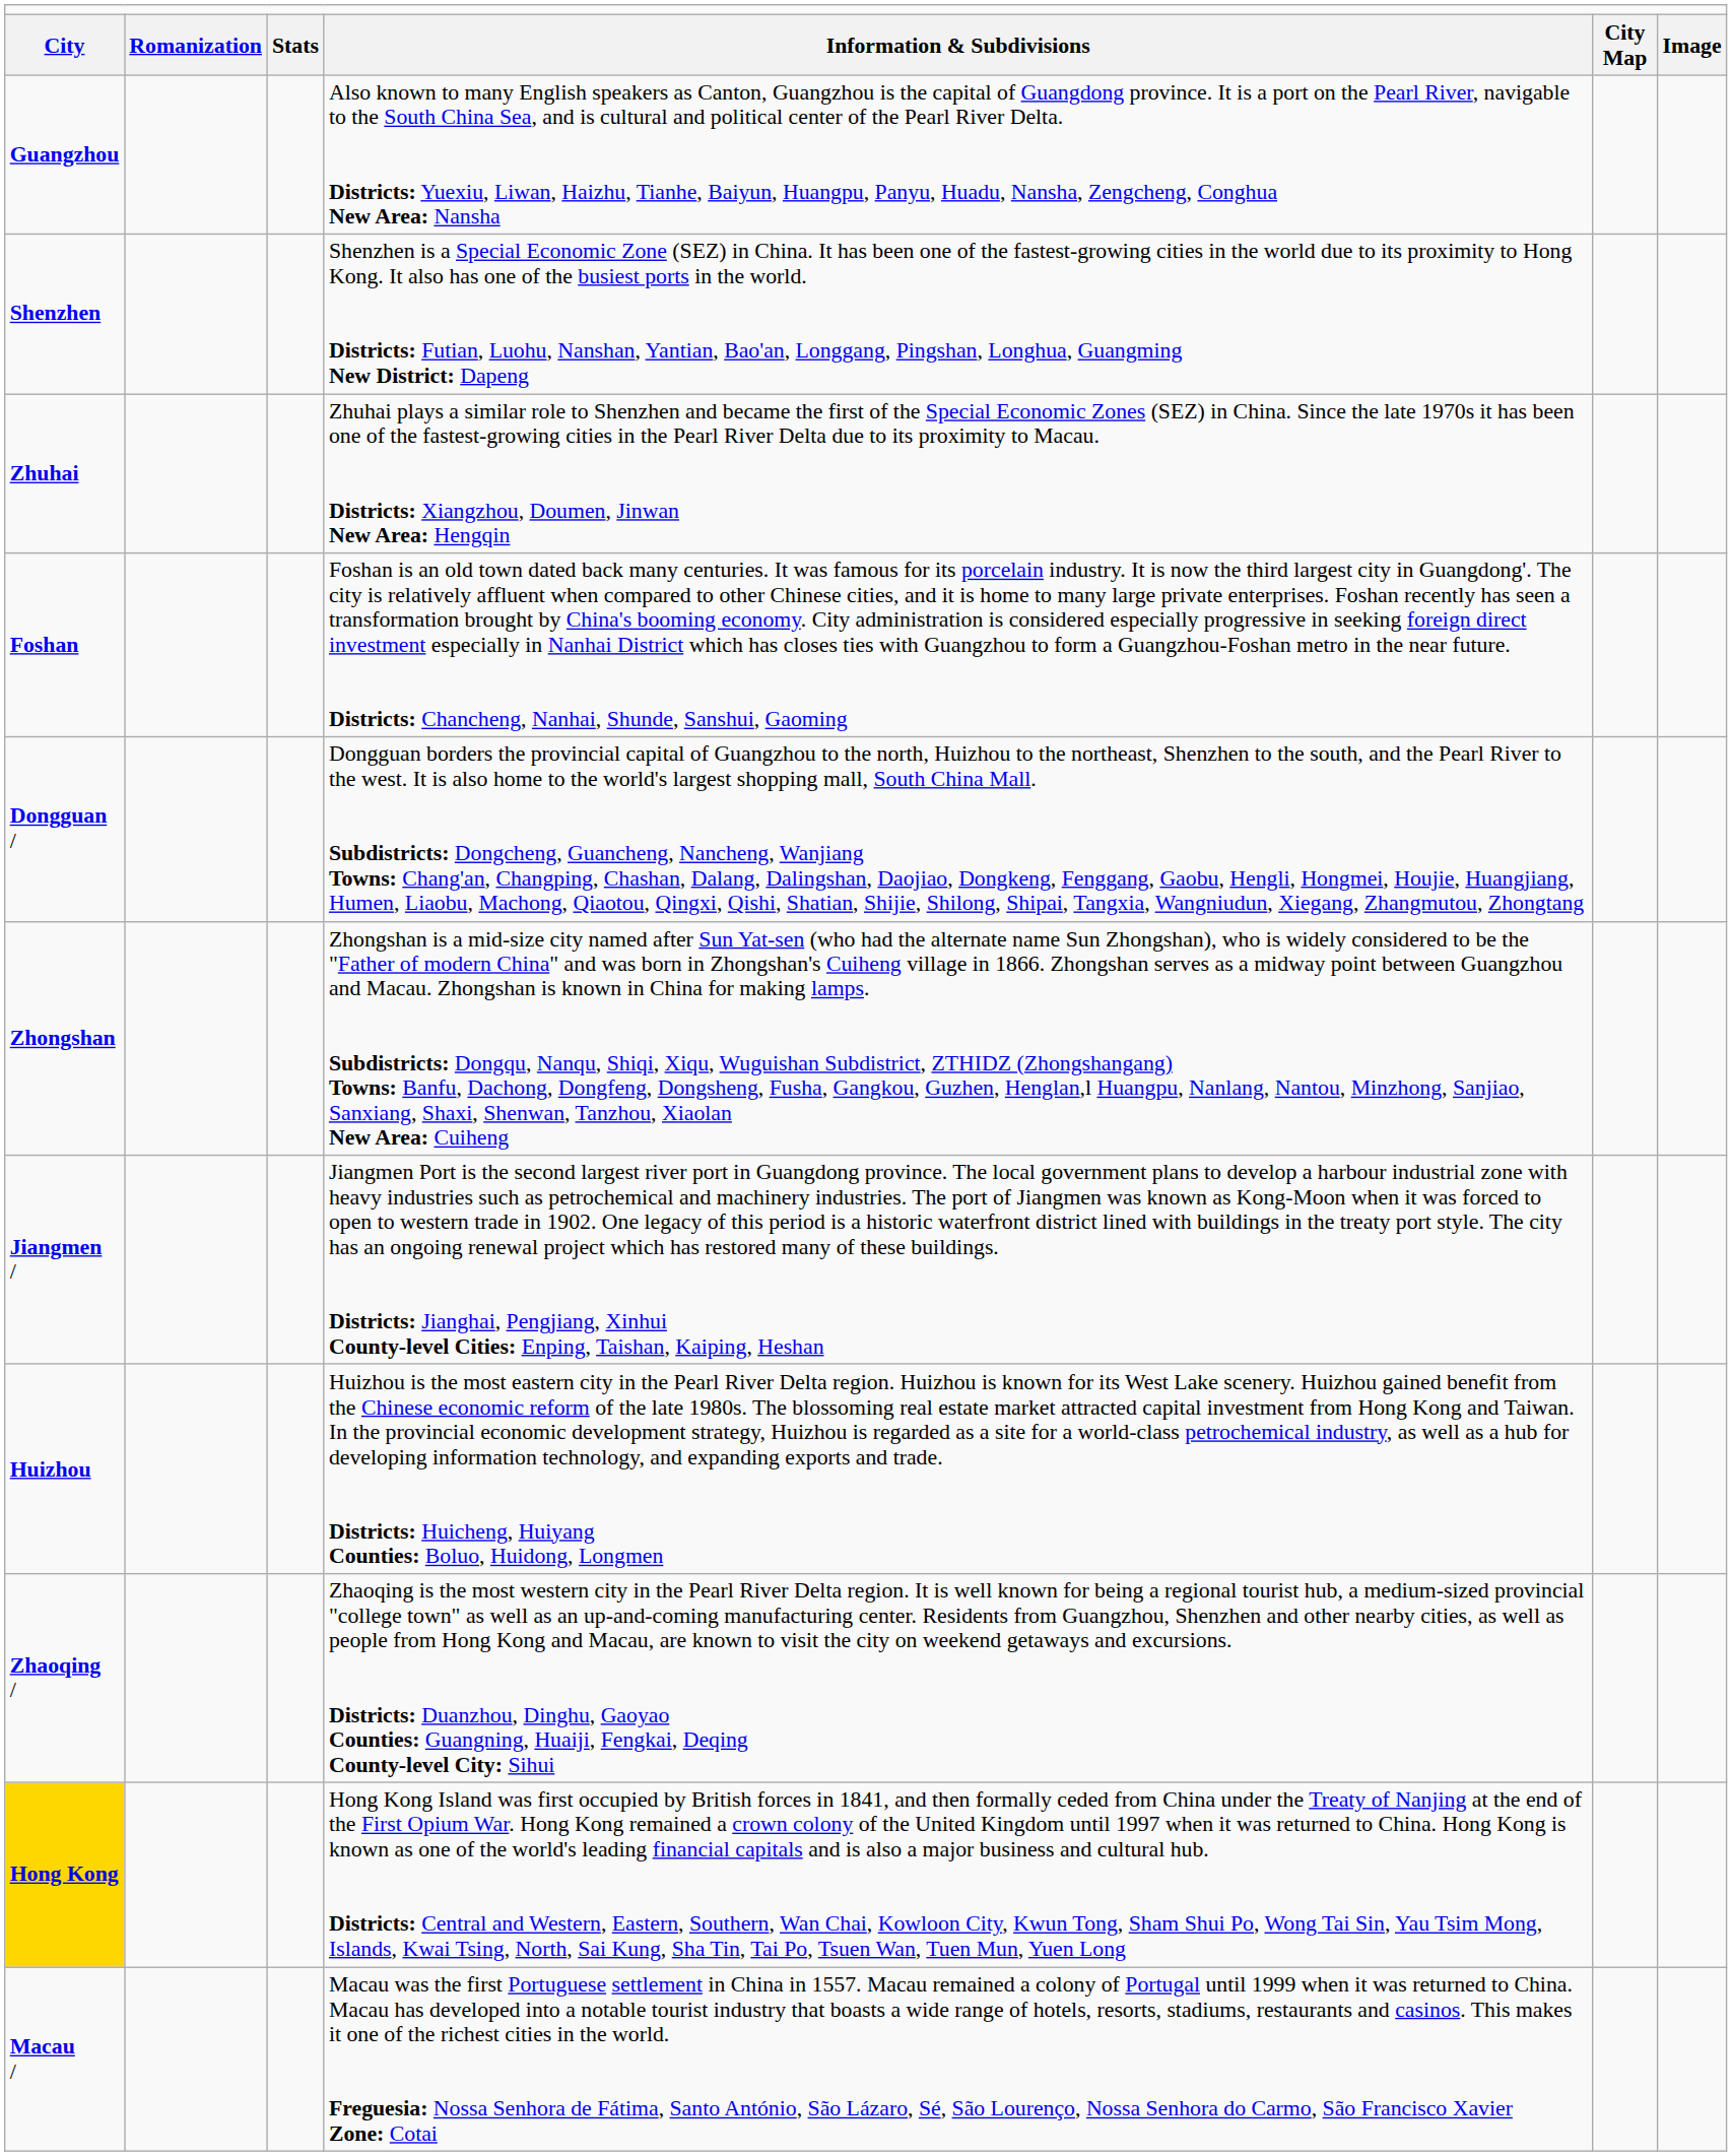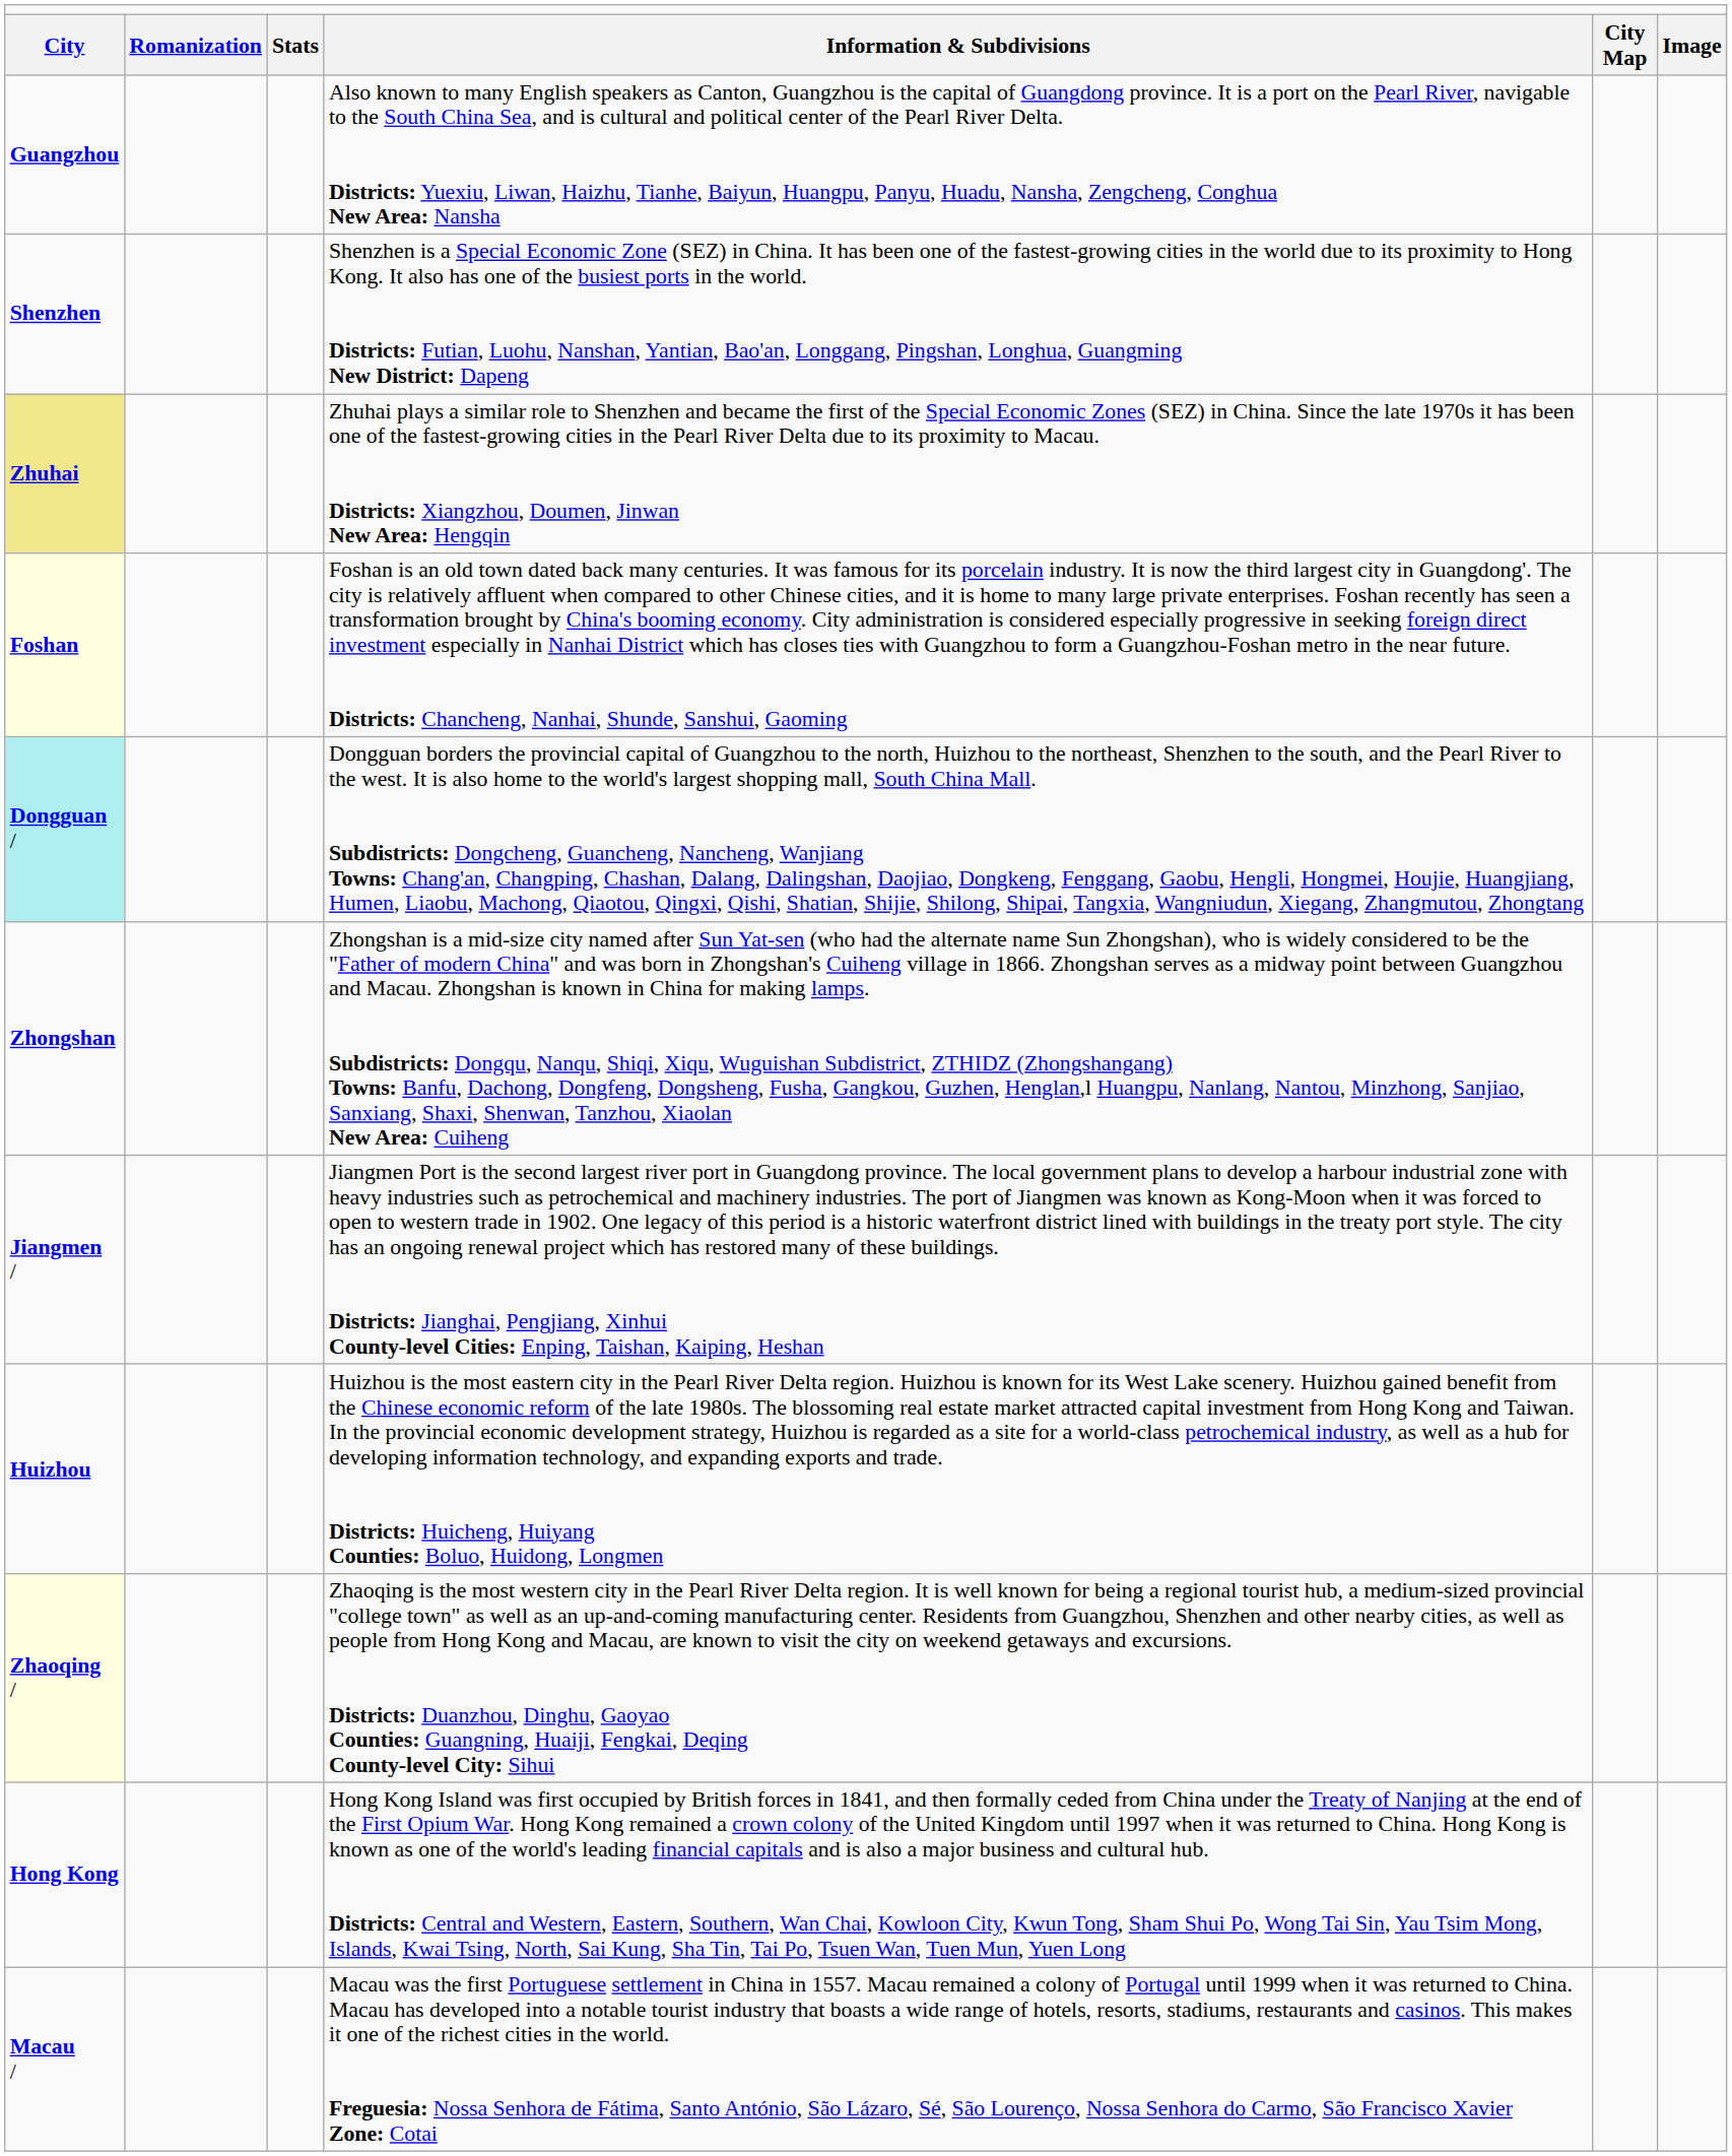 <table class="wikitable sortable sticky-header">
 <tr>
 <td colspan=9></td>
 </tr>
 <tr>
 <th><a href='#'>City</a></th>
 <th><a href='#'>Romanization</a></th>
 <th>Stats</th>
 <th>Information & Subdivisions</th>
 <th>City Map</th>
 <th>Image</th>
 </tr>
 <tr>
 <td><strong><a href='#'>Guangzhou</a></strong><br></td>
 <td></td>
 <td></td>
 <td>Also known to many English speakers as Canton, Guangzhou is the capital of <a href='#'>Guangdong</a> province. It is a port on the <a href='#'>Pearl River</a>, navigable to the <a href='#'>South China Sea</a>, and is cultural and political center of the Pearl River Delta.<br><br><br><strong>Districts:</strong> <a href='#'>Yuexiu</a>, <a href='#'>Liwan</a>, <a href='#'>Haizhu</a>, <a href='#'>Tianhe</a>, <a href='#'>Baiyun</a>, <a href='#'>Huangpu</a>, <a href='#'>Panyu</a>, <a href='#'>Huadu</a>, <a href='#'>Nansha</a>, <a href='#'>Zengcheng</a>, <a href='#'>Conghua</a><br><strong>New Area:</strong> <a href='#'>Nansha</a></td>
 <td></td>
 <td></td>
 </tr>
 <tr>
 <td><strong><a href='#'>Shenzhen</a></strong><br></td>
 <td></td>
 <td></td>
 <td>Shenzhen is a <a href='#'>Special Economic Zone</a> (SEZ) in China. It has been one of the fastest-growing cities in the world due to its proximity to Hong Kong. It also has one of the <a href='#'>busiest ports</a> in the world.<br><br><br><strong>Districts:</strong> <a href='#'>Futian</a>, <a href='#'>Luohu</a>, <a href='#'>Nanshan</a>, <a href='#'>Yantian</a>, <a href='#'>Bao'an</a>, <a href='#'>Longgang</a>, <a href='#'>Pingshan</a>, <a href='#'>Longhua</a>, <a href='#'>Guangming</a><br><strong>New District:</strong> <a href='#'>Dapeng</a></td>
 <td></td>
 <td></td>
 </tr>
 <tr>
-<td><strong><a href='#'>Zhuhai</a></strong><br></td>
+<td style="background: khaki;"><strong><a href='#'>Zhuhai</a></strong><br></td>
 <td></td>
 <td></td>
 <td>Zhuhai plays a similar role to Shenzhen and became the first of the <a href='#'>Special Economic Zones</a> (SEZ) in China. Since the late 1970s it has been one of the fastest-growing cities in the Pearl River Delta due to its proximity to Macau.<br><br><br><strong>Districts:</strong> <a href='#'>Xiangzhou</a>, <a href='#'>Doumen</a>, <a href='#'>Jinwan</a><br><strong>New Area:</strong> <a href='#'>Hengqin</a></td>
 <td></td>
 <td></td>
 </tr>
 <tr>
-<td><strong><a href='#'>Foshan</a></strong><br></td>
+<td style="background: lightyellow;"><strong><a href='#'>Foshan</a></strong><br></td>
 <td></td>
 <td></td>
 <td>Foshan is an old town dated back many centuries. It was famous for its <a href='#'>porcelain</a> industry. It is now the third largest city in Guangdong'. The city is relatively affluent when compared to other Chinese cities, and it is home to many large private enterprises. Foshan recently has seen a transformation brought by <a href='#'>China's booming economy</a>. City administration is considered especially progressive in seeking <a href='#'>foreign direct investment</a> especially in <a href='#'>Nanhai District</a> which has closes ties with Guangzhou to form a Guangzhou-Foshan metro in the near future.<br><br><br><strong>Districts:</strong> <a href='#'>Chancheng</a>, <a href='#'>Nanhai</a>, <a href='#'>Shunde</a>, <a href='#'>Sanshui</a>, <a href='#'>Gaoming</a></td>
 <td></td>
 <td></td>
 </tr>
 <tr>
-<td><strong><a href='#'>Dongguan</a></strong><br> / </td>
+<td style="background: paleturquoise;"><strong><a href='#'>Dongguan</a></strong><br> / </td>
 <td></td>
 <td></td>
 <td>Dongguan borders the provincial capital of Guangzhou to the north, Huizhou to the northeast, Shenzhen to the south, and the Pearl River to the west. It is also home to the world's largest shopping mall, <a href='#'>South China Mall</a>.<br><br><br><strong>Subdistricts:</strong> <a href='#'>Dongcheng</a>, <a href='#'>Guancheng</a>, <a href='#'>Nancheng</a>, <a href='#'>Wanjiang</a><br><strong>Towns:</strong> <a href='#'>Chang'an</a>, <a href='#'>Changping</a>, <a href='#'>Chashan</a>, <a href='#'>Dalang</a>, <a href='#'>Dalingshan</a>, <a href='#'>Daojiao</a>, <a href='#'>Dongkeng</a>, <a href='#'>Fenggang</a>, <a href='#'>Gaobu</a>, <a href='#'>Hengli</a>, <a href='#'>Hongmei</a>, <a href='#'>Houjie</a>, <a href='#'>Huangjiang</a>, <a href='#'>Humen</a>, <a href='#'>Liaobu</a>, <a href='#'>Machong</a>, <a href='#'>Qiaotou</a>, <a href='#'>Qingxi</a>, <a href='#'>Qishi</a>, <a href='#'>Shatian</a>, <a href='#'>Shijie</a>, <a href='#'>Shilong</a>, <a href='#'>Shipai</a>, <a href='#'>Tangxia</a>, <a href='#'>Wangniudun</a>, <a href='#'>Xiegang</a>, <a href='#'>Zhangmutou</a>, <a href='#'>Zhongtang</a></td>
 <td></td>
 <td></td>
 </tr>
 <tr>
 <td><strong><a href='#'>Zhongshan</a></strong><br></td>
 <td></td>
 <td></td>
 <td>Zhongshan is a mid-size city named after <a href='#'>Sun Yat-sen</a> (who had the alternate name Sun Zhongshan), who is widely considered to be the "<a href='#'>Father of modern China</a>" and was born in Zhongshan's <a href='#'>Cuiheng</a> village in 1866. Zhongshan serves as a midway point between Guangzhou and Macau. Zhongshan is known in China for making <a href='#'>lamps</a>.<br><br><br><strong>Subdistricts:</strong> <a href='#'>Dongqu</a>, <a href='#'>Nanqu</a>, <a href='#'>Shiqi</a>, <a href='#'>Xiqu</a>, <a href='#'>Wuguishan Subdistrict</a>, <a href='#'>ZTHIDZ (Zhongshangang)</a><br><strong>Towns:</strong> <a href='#'>Banfu</a>, <a href='#'>Dachong</a>, <a href='#'>Dongfeng</a>, <a href='#'>Dongsheng</a>, <a href='#'>Fusha</a>, <a href='#'>Gangkou</a>, <a href='#'>Guzhen</a>, <a href='#'>Henglan</a>,l <a href='#'>Huangpu</a>, <a href='#'>Nanlang</a>, <a href='#'>Nantou</a>, <a href='#'>Minzhong</a>, <a href='#'>Sanjiao</a>, <a href='#'>Sanxiang</a>, <a href='#'>Shaxi</a>, <a href='#'>Shenwan</a>, <a href='#'>Tanzhou</a>, <a href='#'>Xiaolan</a><br><strong>New Area:</strong> <a href='#'>Cuiheng</a></td>
 <td></td>
 <td></td>
 </tr>
 <tr>
 <td><strong><a href='#'>Jiangmen</a></strong><br> / </td>
 <td></td>
 <td></td>
 <td>Jiangmen Port is the second largest river port in Guangdong province. The local government plans to develop a harbour industrial zone with heavy industries such as petrochemical and machinery industries. The port of Jiangmen was known as Kong-Moon when it was forced to open to western trade in 1902. One legacy of this period is a historic waterfront district lined with buildings in the treaty port style. The city has an ongoing renewal project which has restored many of these buildings.<br><br><br><strong>Districts:</strong> <a href='#'>Jianghai</a>, <a href='#'>Pengjiang</a>, <a href='#'>Xinhui</a><br><strong>County-level Cities:</strong> <a href='#'>Enping</a>, <a href='#'>Taishan</a>, <a href='#'>Kaiping</a>, <a href='#'>Heshan</a></td>
 <td></td>
 <td></td>
 </tr>
 <tr>
 <td><strong><a href='#'>Huizhou</a></strong><br></td>
 <td></td>
 <td></td>
 <td>Huizhou is the most eastern city in the Pearl River Delta region. Huizhou is known for its West Lake scenery. Huizhou gained benefit from the <a href='#'>Chinese economic reform</a> of the late 1980s. The blossoming real estate market attracted capital investment from Hong Kong and Taiwan. In the provincial economic development strategy, Huizhou is regarded as a site for a world-class <a href='#'>petrochemical industry</a>, as well as a hub for developing information technology, and expanding exports and trade.<br><br><br><strong>Districts:</strong> <a href='#'>Huicheng</a>, <a href='#'>Huiyang</a><br><strong>Counties:</strong> <a href='#'>Boluo</a>, <a href='#'>Huidong</a>, <a href='#'>Longmen</a></td>
 <td></td>
 <td></td>
 </tr>
 <tr>
-<td><strong><a href='#'>Zhaoqing</a></strong><br> / </td>
+<td style="background: lightyellow;"><strong><a href='#'>Zhaoqing</a></strong><br> / </td>
 <td></td>
 <td></td>
 <td>Zhaoqing is the most western city in the Pearl River Delta region. It is well known for being a regional tourist hub, a medium-sized provincial "college town" as well as an up-and-coming manufacturing center. Residents from Guangzhou, Shenzhen and other nearby cities, as well as people from Hong Kong and Macau, are known to visit the city on weekend getaways and excursions.<br><br><br><strong>Districts:</strong> <a href='#'>Duanzhou</a>, <a href='#'>Dinghu</a>, <a href='#'>Gaoyao</a><br><strong>Counties:</strong> <a href='#'>Guangning</a>, <a href='#'>Huaiji</a>, <a href='#'>Fengkai</a>, <a href='#'>Deqing</a><br><strong>County-level City:</strong> <a href='#'>Sihui</a></td>
 <td></td>
 <td></td>
 </tr>
 <tr>
-<td style="background: gold;"><strong><a href='#'>Hong Kong</a></strong><br></td>
+<td><strong><a href='#'>Hong Kong</a></strong><br></td>
 <td></td>
 <td></td>
 <td>Hong Kong Island was first occupied by British forces in 1841, and then formally ceded from China under the <a href='#'>Treaty of Nanjing</a> at the end of the <a href='#'>First Opium War</a>. Hong Kong remained a <a href='#'>crown colony</a> of the United Kingdom until 1997 when it was returned to China. Hong Kong is known as one of the world's leading <a href='#'>financial capitals</a> and is also a major business and cultural hub.<br><br><br><strong>Districts:</strong> <a href='#'>Central and Western</a>, <a href='#'>Eastern</a>, <a href='#'>Southern</a>, <a href='#'>Wan Chai</a>, <a href='#'>Kowloon City</a>, <a href='#'>Kwun Tong</a>, <a href='#'>Sham Shui Po</a>, <a href='#'>Wong Tai Sin</a>, <a href='#'>Yau Tsim Mong</a>, <a href='#'>Islands</a>, <a href='#'>Kwai Tsing</a>, <a href='#'>North</a>, <a href='#'>Sai Kung</a>, <a href='#'>Sha Tin</a>, <a href='#'>Tai Po</a>, <a href='#'>Tsuen Wan</a>, <a href='#'>Tuen Mun</a>, <a href='#'>Yuen Long</a></td>
 <td></td>
 <td></td>
 </tr>
 <tr>
 <td><strong><a href='#'>Macau</a></strong><br> / </td>
 <td></td>
 <td></td>
 <td>Macau was the first <a href='#'>Portuguese</a> <a href='#'>settlement</a> in China in 1557. Macau remained a colony of <a href='#'>Portugal</a> until 1999 when it was returned to China. Macau has developed into a notable tourist industry that boasts a wide range of hotels, resorts, stadiums, restaurants and <a href='#'>casinos</a>. This makes it one of the richest cities in the world.<br><br><br><strong>Freguesia:</strong> <a href='#'>Nossa Senhora de Fátima</a>, <a href='#'>Santo António</a>, <a href='#'>São Lázaro</a>, <a href='#'>Sé</a>, <a href='#'>São Lourenço</a>, <a href='#'>Nossa Senhora do Carmo</a>, <a href='#'>São Francisco Xavier</a><br><strong>Zone:</strong> <a href='#'>Cotai</a></td>
 <td></td>
 <td></td>
 </tr>
 </table>
